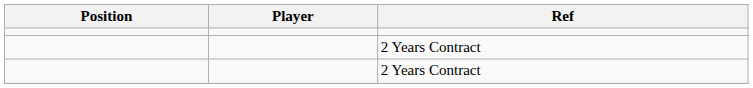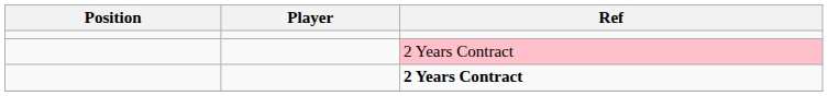 <table class="wikitable sortable" style="width:50%; text-align:center; font-size:100%; text-align:left;">
 <tr>
 <th><strong>Position</strong></th>
 <th><strong>Player</strong></th>
 <th><strong>Ref</strong></th>
 </tr>
 <tr>
 <td></td>
 <td></td>
 <td></td>
 </tr>
 <tr>
 <td></td>
 <td></td>
-<td>2 Years Contract </td>
+<td style="background: pink;">2 Years Contract </td>
 </tr>
 <tr>
 <td></td>
 <td></td>
-<td>2 Years Contract </td>
+<td><strong>2 Years Contract </strong></td>
 </tr>
 <tr>
 </tr>
 </table>
